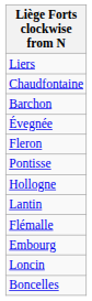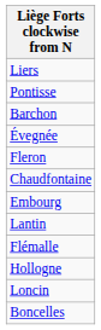 <table class="wikitable" align=right style="margin:0 0 1em 1em">
 <tr>
 <th>Liège Forts<br><span>clockwise<br>from N</span></th>
 </tr>
 <tr>
 <td><a href='#'>Liers</a></td>
 </tr>
 <tr>
-<td><a href='#'>Chaudfontaine</a></td>
+<td><a href='#'>Pontisse</a></td>
 </tr>
 <tr>
 <td><a href='#'>Barchon</a></td>
 </tr>
 <tr>
 <td><a href='#'>Évegnée</a></td>
 </tr>
 <tr>
 <td><a href='#'>Fleron</a></td>
 </tr>
 <tr>
-<td><a href='#'>Pontisse</a></td>
+<td><a href='#'>Chaudfontaine</a></td>
 </tr>
 <tr>
-<td><a href='#'>Hollogne</a></td>
+<td><a href='#'>Embourg</a></td>
 </tr>
 <tr>
 <td><a href='#'>Lantin</a></td>
 </tr>
 <tr>
 <td><a href='#'>Flémalle</a></td>
 </tr>
 <tr>
-<td><a href='#'>Embourg</a></td>
+<td><a href='#'>Hollogne</a></td>
 </tr>
 <tr>
 <td><a href='#'>Loncin</a></td>
 </tr>
 <tr>
 <td><a href='#'>Boncelles</a></td>
 </tr>
 </table>
